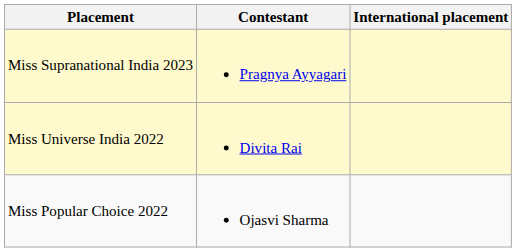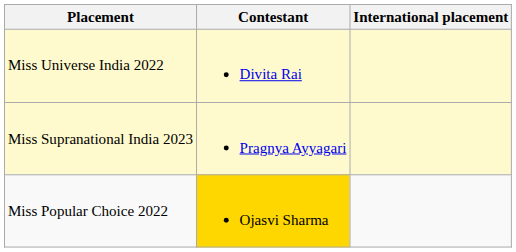 <table class="wikitable sortable" style="font-size: 95%;">
 <tr>
 <th>Placement</th>
 <th>Contestant</th>
 <th>International placement</th>
 </tr>
 <tr style="background:#FFFACD;">
+<td>Miss Universe India 2022</td>
+<td><br><ul><li><a href='#'>Divita Rai</a></li></ul></td>
+<td></td>
+</tr>
+<tr style="background:#FFFACD;">
 <td>Miss Supranational India 2023</td>
 <td><br><ul><li><a href='#'>Pragnya Ayyagari</a></li></ul></td>
 <td></td>
 </tr>
-<tr style="background:#FFFACD;">
-<td>Miss Universe India 2022</td>
-<td><br><ul><li><a href='#'>Divita Rai</a></li></ul></td>
-<td></td>
-</tr>
 <tr>
 <td>Miss  Popular Choice 2022</td>
-<td><br><ul><li>Ojasvi Sharma</li></ul></td>
+<td style="background: gold;"><br><ul><li>Ojasvi Sharma</li></ul></td>
 </tr>
 </table>
